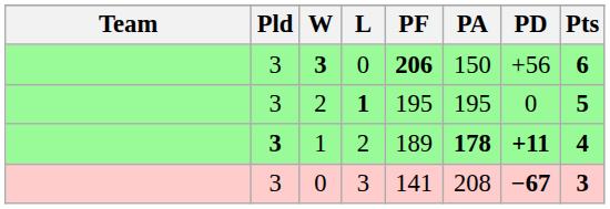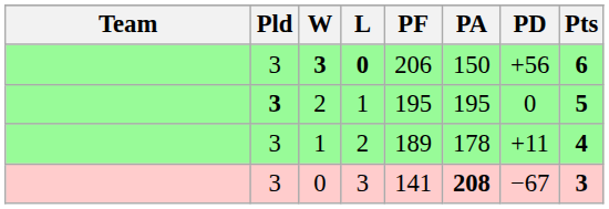 <table class=wikitable>
 <tr align=center>
 </tr>
 <tr>
 <th width=150>Team</th>
 <th width=20>Pld</th>
 <th width=20>W</th>
 <th width=20>L</th>
 <th width=30>PF</th>
 <th width=30>PA</th>
 <th width=30>PD</th>
 <th width=20>Pts</th>
 </tr>
 <tr align=center bgcolor="#98fb98">
 <td align=left></td>
 <td>3</td>
 <td><strong>3</strong></td>
-<td>0</td>
-<td><strong>206</strong></td>
+<td><strong>0</strong></td>
+<td>206</td>
 <td>150</td>
 <td>+56</td>
 <td><strong>6</strong></td>
 </tr>
 <tr align=center bgcolor="#98fb98">
 <td align=left></td>
-<td>3</td>
+<td><strong>3</strong></td>
 <td>2</td>
-<td><strong>1</strong></td>
+<td>1</td>
 <td>195</td>
 <td>195</td>
 <td>0</td>
 <td><strong>5</strong></td>
 </tr>
 <tr align=center bgcolor="#98fb98">
 <td align=left></td>
-<td><strong>3</strong></td>
+<td>3</td>
 <td>1</td>
 <td>2</td>
 <td>189</td>
-<td><strong>178</strong></td>
-<td><strong>+11</strong></td>
+<td>178</td>
+<td>+11</td>
 <td><strong>4</strong></td>
 </tr>
 <tr align=center bgcolor=ffcccc>
 <td align=left></td>
 <td>3</td>
 <td>0</td>
 <td>3</td>
 <td>141</td>
-<td>208</td>
-<td><strong>−67</strong></td>
+<td><strong>208</strong></td>
+<td>−67</td>
 <td><strong>3</strong></td>
 </tr>
 </table>
